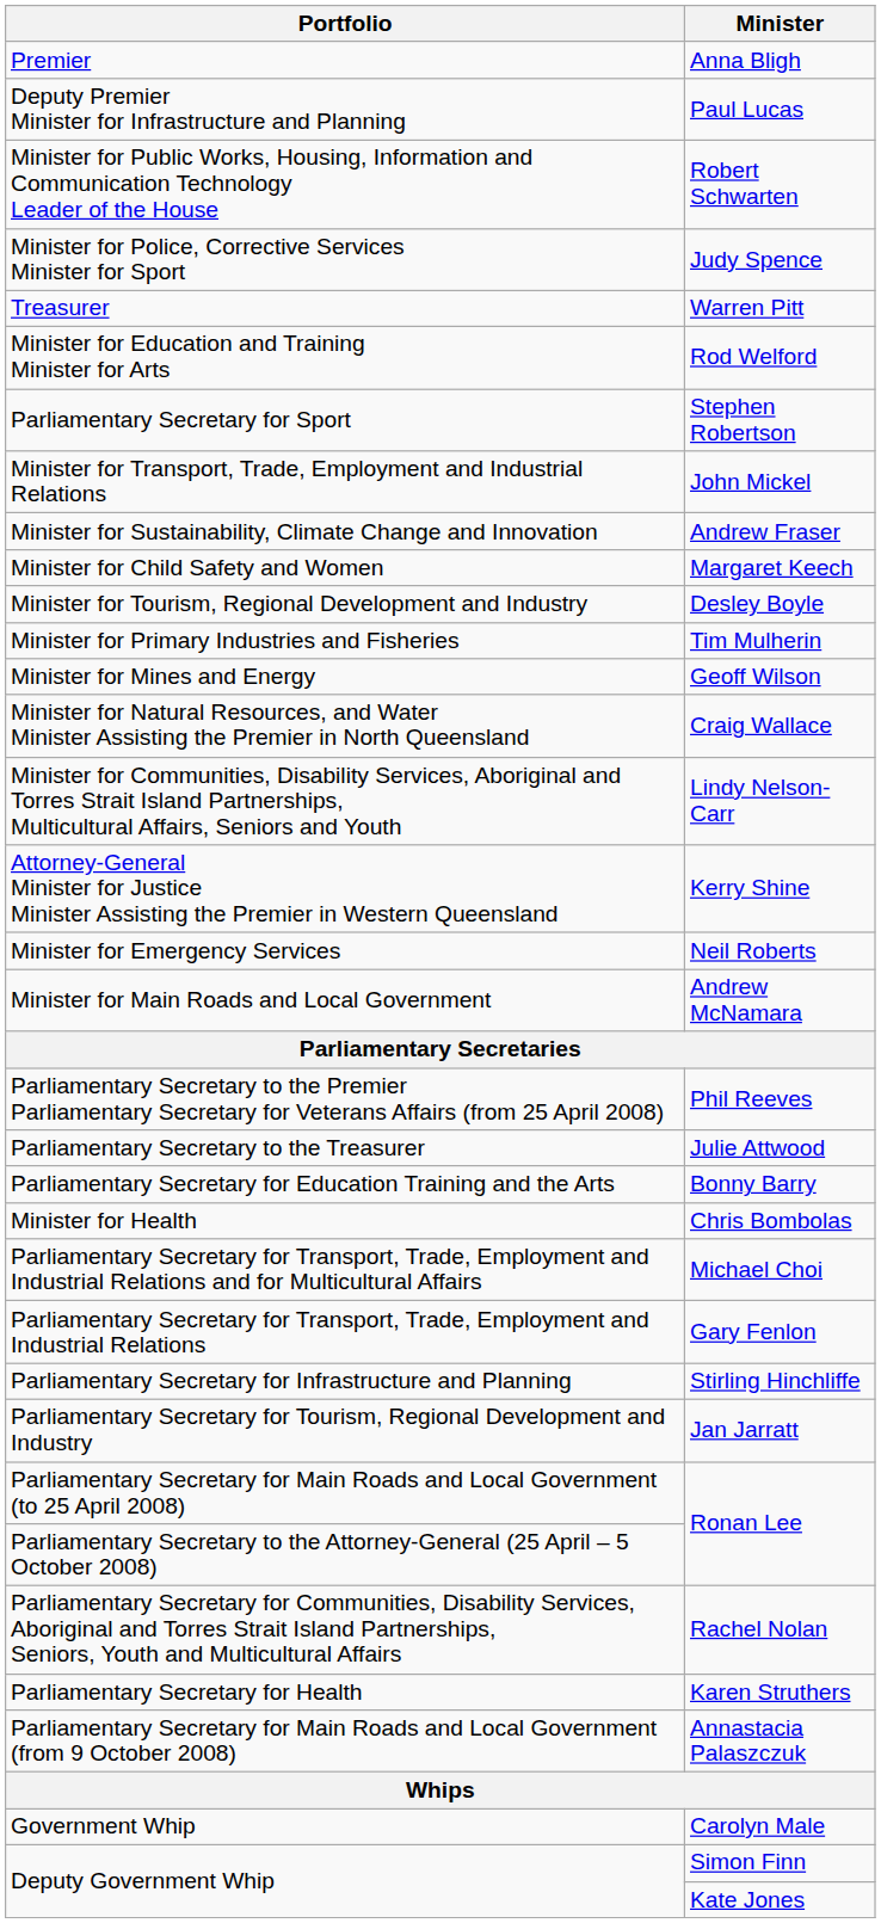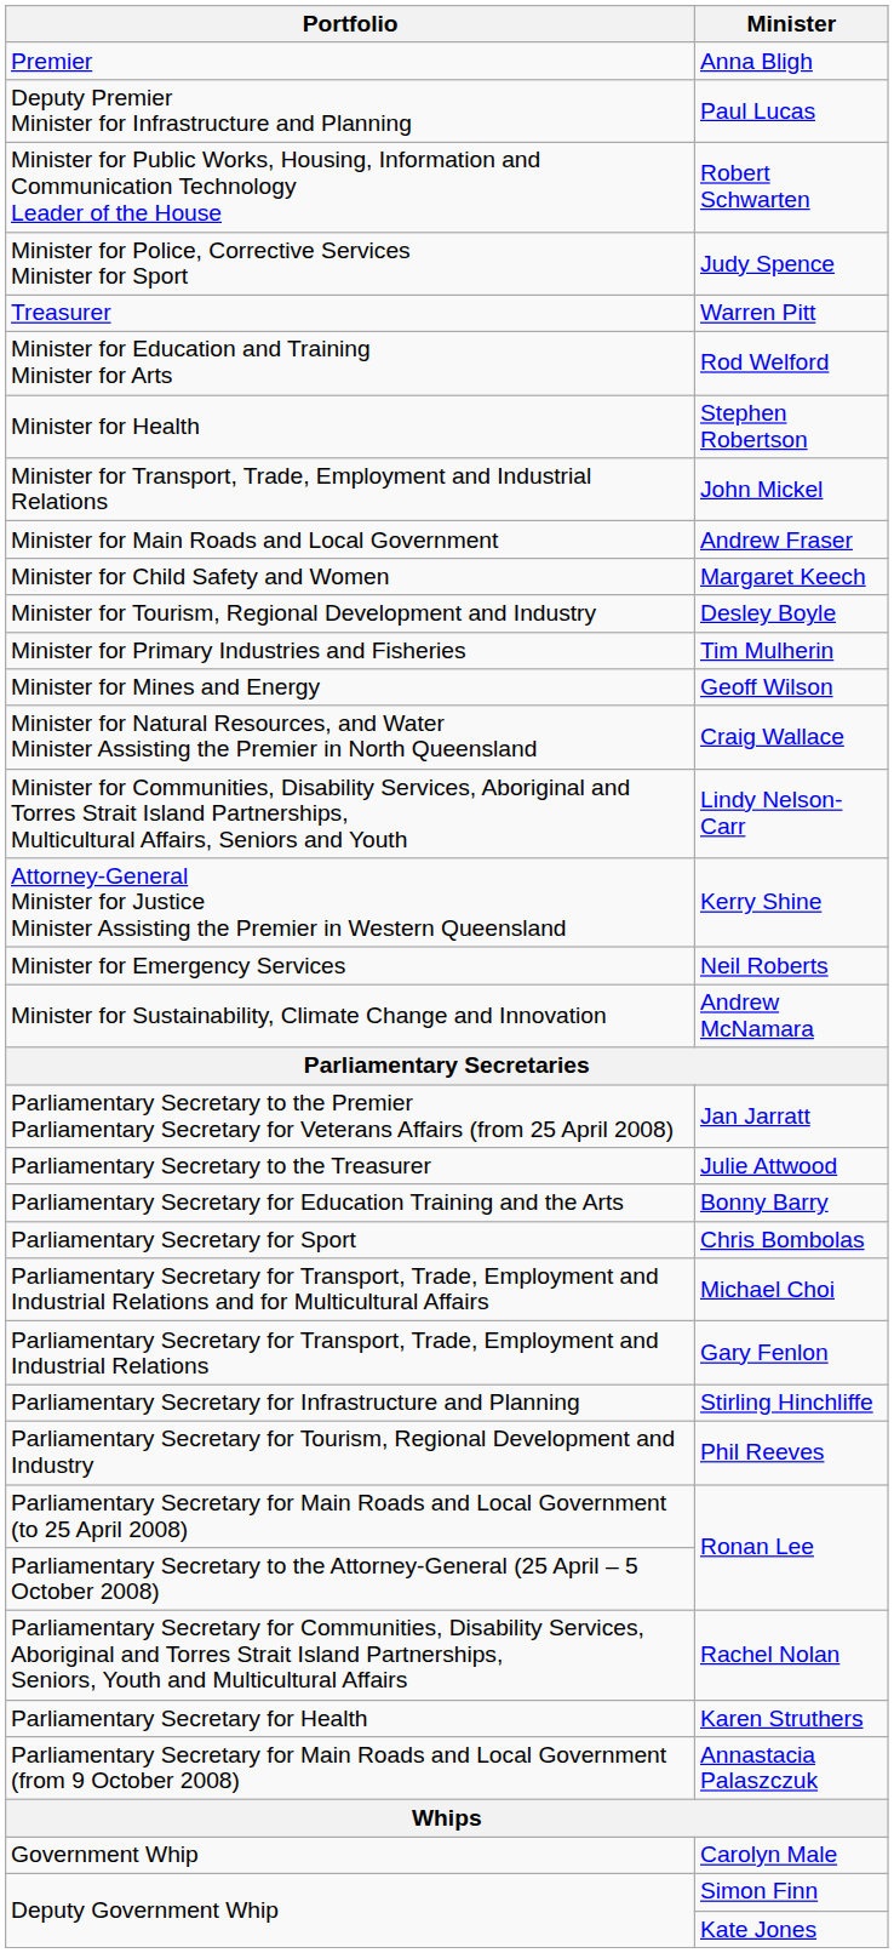 <table class="wikitable">
 <tr>
 <th>Portfolio</th>
 <th>Minister</th>
 </tr>
 <tr>
 <td><a href='#'>Premier</a></td>
 <td><a href='#'>Anna Bligh</a></td>
 </tr>
 <tr>
 <td>Deputy Premier<br>Minister for Infrastructure and Planning</td>
 <td><a href='#'>Paul Lucas</a></td>
 </tr>
 <tr>
 <td>Minister for Public Works, Housing, Information and Communication Technology<br><a href='#'>Leader of the House</a></td>
 <td><a href='#'>Robert Schwarten</a></td>
 </tr>
 <tr>
 <td>Minister for Police, Corrective Services<br>Minister for Sport</td>
 <td><a href='#'>Judy Spence</a></td>
 </tr>
 <tr>
 <td><a href='#'>Treasurer</a></td>
 <td><a href='#'>Warren Pitt</a></td>
 </tr>
 <tr>
 <td>Minister for Education and Training<br>Minister for Arts</td>
 <td><a href='#'>Rod Welford</a></td>
 </tr>
 <tr>
-<td>Parliamentary Secretary for Sport</td>
+<td>Minister for Health</td>
 <td><a href='#'>Stephen Robertson</a></td>
 </tr>
 <tr>
 <td>Minister for Transport, Trade, Employment and Industrial Relations</td>
 <td><a href='#'>John Mickel</a></td>
 </tr>
 <tr>
-<td>Minister for Sustainability, Climate Change and Innovation</td>
+<td>Minister for Main Roads and Local Government</td>
 <td><a href='#'>Andrew Fraser</a></td>
 </tr>
 <tr>
 <td>Minister for Child Safety and Women</td>
 <td><a href='#'>Margaret Keech</a></td>
 </tr>
 <tr>
 <td>Minister for Tourism, Regional Development and Industry</td>
 <td><a href='#'>Desley Boyle</a></td>
 </tr>
 <tr>
 <td>Minister for Primary Industries and Fisheries</td>
 <td><a href='#'>Tim Mulherin</a></td>
 </tr>
 <tr>
 <td>Minister for Mines and Energy</td>
 <td><a href='#'>Geoff Wilson</a></td>
 </tr>
 <tr>
 <td>Minister for Natural Resources, and Water<br>Minister Assisting the Premier in North Queensland</td>
 <td><a href='#'>Craig Wallace</a></td>
 </tr>
 <tr>
 <td>Minister for Communities, Disability Services, Aboriginal and Torres Strait Island Partnerships,<br>Multicultural Affairs, Seniors and Youth</td>
 <td><a href='#'>Lindy Nelson-Carr</a></td>
 </tr>
 <tr>
 <td><a href='#'>Attorney-General</a><br>Minister for Justice<br>Minister Assisting the Premier in Western Queensland</td>
 <td><a href='#'>Kerry Shine</a></td>
 </tr>
 <tr>
 <td>Minister for Emergency Services</td>
 <td><a href='#'>Neil Roberts</a></td>
 </tr>
 <tr>
-<td>Minister for Main Roads and Local Government</td>
+<td>Minister for Sustainability, Climate Change and Innovation</td>
 <td><a href='#'>Andrew McNamara</a></td>
 </tr>
 <tr>
 <th colspan=2>Parliamentary Secretaries</th>
 </tr>
 <tr>
 <td>Parliamentary Secretary to the Premier<br>Parliamentary Secretary for Veterans Affairs (from 25 April 2008)</td>
-<td><a href='#'>Phil Reeves</a></td>
+<td><a href='#'>Jan Jarratt</a></td>
 </tr>
 <tr>
 <td>Parliamentary Secretary to the Treasurer</td>
 <td><a href='#'>Julie Attwood</a></td>
 </tr>
 <tr>
 <td>Parliamentary Secretary for Education Training and the Arts</td>
 <td><a href='#'>Bonny Barry</a></td>
 </tr>
 <tr>
-<td>Minister for Health</td>
+<td>Parliamentary Secretary for Sport</td>
 <td><a href='#'>Chris Bombolas</a></td>
 </tr>
 <tr>
 <td>Parliamentary Secretary for Transport, Trade, Employment and Industrial Relations and for Multicultural Affairs</td>
 <td><a href='#'>Michael Choi</a></td>
 </tr>
 <tr>
 <td>Parliamentary Secretary for Transport, Trade, Employment and Industrial Relations</td>
 <td><a href='#'>Gary Fenlon</a></td>
 </tr>
 <tr>
 <td>Parliamentary Secretary for Infrastructure and Planning</td>
 <td><a href='#'>Stirling Hinchliffe</a></td>
 </tr>
 <tr>
 <td>Parliamentary Secretary for Tourism, Regional Development and Industry</td>
-<td><a href='#'>Jan Jarratt</a></td>
+<td><a href='#'>Phil Reeves</a></td>
 </tr>
 <tr>
 <td>Parliamentary Secretary for Main Roads and Local Government (to 25 April 2008)</td>
 <td rowspan=2><a href='#'>Ronan Lee</a></td>
 </tr>
 <tr>
 <td>Parliamentary Secretary to the Attorney-General (25 April – 5 October 2008)</td>
 </tr>
 <tr>
 <td>Parliamentary Secretary for Communities, Disability Services, Aboriginal and Torres Strait Island Partnerships,<br>Seniors, Youth and Multicultural Affairs</td>
 <td><a href='#'>Rachel Nolan</a></td>
 </tr>
 <tr>
 <td>Parliamentary Secretary for Health</td>
 <td><a href='#'>Karen Struthers</a></td>
 </tr>
 <tr>
 <td>Parliamentary Secretary for Main Roads and Local Government (from 9 October 2008)</td>
 <td><a href='#'>Annastacia Palaszczuk</a></td>
 </tr>
 <tr>
 <th colspan=2>Whips</th>
 </tr>
 <tr>
 <td>Government Whip</td>
 <td><a href='#'>Carolyn Male</a></td>
 </tr>
 <tr>
 <td rowspan=2>Deputy Government Whip</td>
 <td><a href='#'>Simon Finn</a></td>
 </tr>
 <tr>
 <td><a href='#'>Kate Jones</a></td>
 </tr>
 </table>
